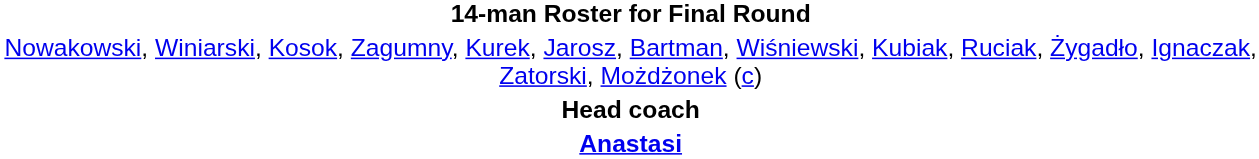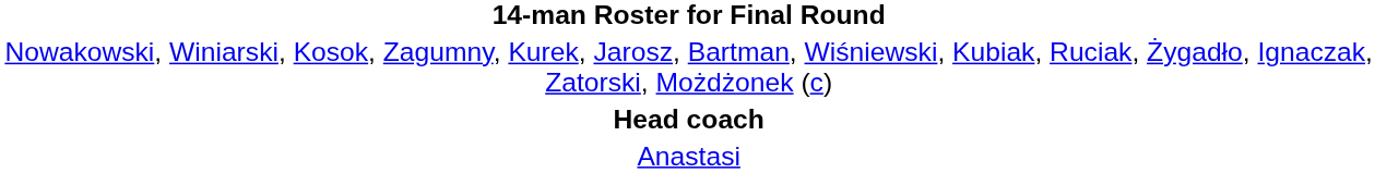 <table style="text-align: center; margin-top: 2em; margin-left: auto; margin-right: auto">
 <tr>
 <td><strong>14-man Roster for Final Round</strong></td>
 </tr>
 <tr>
 <td><a href='#'>Nowakowski</a>, <a href='#'>Winiarski</a>, <a href='#'>Kosok</a>, <a href='#'>Zagumny</a>, <a href='#'>Kurek</a>, <a href='#'>Jarosz</a>, <a href='#'>Bartman</a>, <a href='#'>Wiśniewski</a>, <a href='#'>Kubiak</a>, <a href='#'>Ruciak</a>, <a href='#'>Żygadło</a>, <a href='#'>Ignaczak</a>, <a href='#'>Zatorski</a>, <a href='#'>Możdżonek</a> (<a href='#'>c</a>)</td>
 </tr>
 <tr>
 <td><strong>Head coach</strong></td>
 </tr>
 <tr>
-<td><strong><a href='#'>Anastasi</a></strong></td>
+<td><a href='#'>Anastasi</a></td>
 </tr>
 </table>
